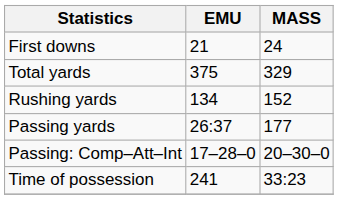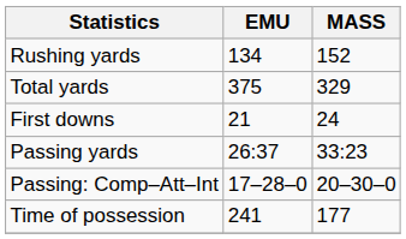 <table class="wikitable" style="float: left;">
 <tr>
 <th>Statistics</th>
 <th>EMU</th>
 <th>MASS</th>
 </tr>
 <tr>
-<td>First downs</td>
-<td>21</td>
-<td>24</td>
+<td>Rushing yards</td>
+<td>134</td>
+<td>152</td>
 </tr>
 <tr>
 <td>Total yards</td>
 <td>375</td>
 <td>329</td>
 </tr>
 <tr>
-<td>Rushing yards</td>
-<td>134</td>
-<td>152</td>
+<td>First downs</td>
+<td>21</td>
+<td>24</td>
 </tr>
 <tr>
 <td>Passing yards</td>
 <td>26:37</td>
-<td>177</td>
+<td>33:23</td>
 </tr>
 <tr>
 <td>Passing: Comp–Att–Int</td>
 <td>17–28–0</td>
 <td>20–30–0</td>
 </tr>
 <tr>
 <td>Time of possession</td>
 <td>241</td>
-<td>33:23</td>
+<td>177</td>
 </tr>
 <tr>
 </tr>
 </table>
